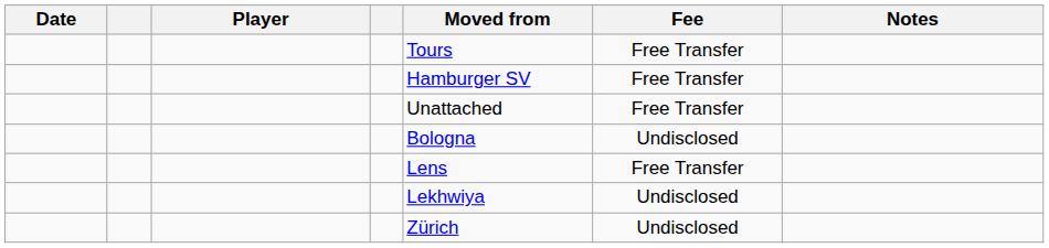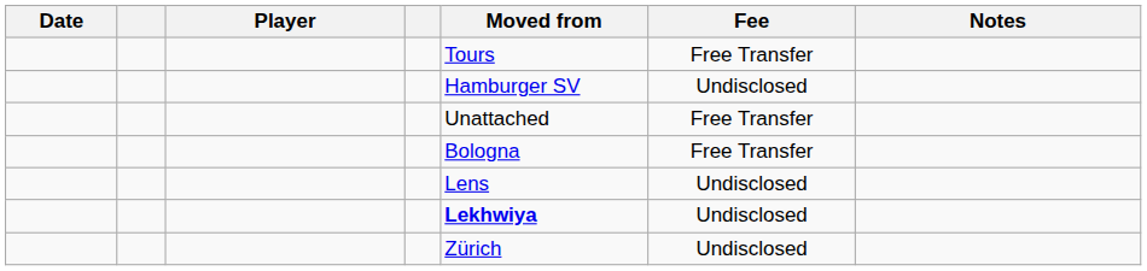 <table class="wikitable sortable">
 <tr>
 <th style="width:80px;">Date</th>
 <th style="width:30px;"></th>
 <th style="width:180px;">Player</th>
 <th style="width:20px;"></th>
 <th style="width:155px;">Moved from</th>
 <th style="width:155px;" class="unsortable">Fee</th>
 <th style="width:215px;" class="unsortable">Notes</th>
 </tr>
 <tr>
 <td></td>
 <td align=center></td>
 <td> </td>
 <td></td>
 <td> <a href='#'>Tours</a></td>
 <td align=center>Free Transfer</td>
 <td align=center></td>
 </tr>
 <tr>
 <td></td>
 <td align=center></td>
 <td> </td>
 <td></td>
 <td> <a href='#'>Hamburger SV</a></td>
-<td align=center>Free Transfer</td>
+<td align=center>Undisclosed</td>
 <td align=center></td>
 </tr>
 <tr>
 <td></td>
 <td align=center></td>
 <td> </td>
 <td></td>
 <td>Unattached</td>
 <td align=center>Free Transfer</td>
 <td align=center></td>
 </tr>
 <tr>
 <td></td>
 <td align=center></td>
 <td> </td>
 <td></td>
 <td> <a href='#'>Bologna</a></td>
+<td align=center>Free Transfer</td>
+<td align=center></td>
+</tr>
+<tr>
+<td></td>
+<td align=center></td>
+<td> </td>
+<td></td>
+<td> <a href='#'>Lens</a></td>
 <td align=center>Undisclosed</td>
 <td align=center></td>
 </tr>
 <tr>
 <td></td>
 <td align=center></td>
 <td> </td>
 <td></td>
-<td> <a href='#'>Lens</a></td>
-<td align=center>Free Transfer</td>
-<td align=center></td>
-</tr>
-<tr>
-<td></td>
-<td align=center></td>
-<td> </td>
-<td></td>
-<td> <a href='#'>Lekhwiya</a></td>
+<td><strong> <a href='#'>Lekhwiya</a></strong></td>
 <td align=center>Undisclosed</td>
 <td align=center></td>
 </tr>
 <tr>
 <td></td>
 <td align=center></td>
 <td> </td>
 <td></td>
 <td> <a href='#'>Zürich</a></td>
 <td align=center>Undisclosed</td>
 <td align=center></td>
 </tr>
 </table>
